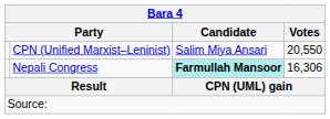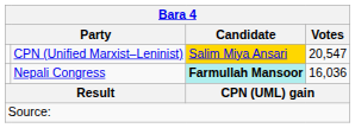 <table class="wikitable">
 <tr>
 <th colspan="4"><a href='#'>Bara 4</a></th>
 </tr>
 <tr>
 <th colspan="2">Party</th>
 <th>Candidate</th>
 <th>Votes</th>
 </tr>
 <tr>
 <td style="background-color:"></td>
 <td><a href='#'>CPN (Unified Marxist–Leninist)</a></td>
-<td><a href='#'>Salim Miya Ansari</a></td>
-<td>20,550</td>
+<td style="background: gold;"><a href='#'>Salim Miya Ansari</a></td>
+<td>20,547</td>
 </tr>
 <tr>
 <td style="background-color:"></td>
 <td><a href='#'>Nepali Congress</a></td>
 <td style="background: paleturquoise;"><strong>Farmullah Mansoor</strong></td>
-<td>16,306</td>
+<td>16,036</td>
 </tr>
 <tr>
 <th colspan="2">Result</th>
 <th colspan="2">CPN (UML) gain</th>
 </tr>
 <tr>
 <td colspan="4">Source: </td>
 </tr>
 </table>
